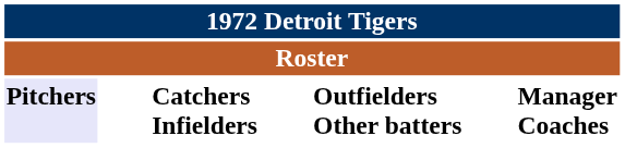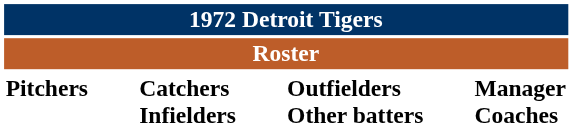 <table class="toccolours" style="font-size: 95%;">
 <tr>
 <th colspan="10" style="background-color: #003366; color: white; text-align: center;">1972 Detroit Tigers</th>
 </tr>
 <tr>
 <td colspan="10" style="background-color: #bd5d29; color: white; text-align: center;"><strong>Roster</strong></td>
 </tr>
 <tr>
-<td valign="top" style="background: lavender;"><strong>Pitchers</strong><br>                  </td>
+<td valign="top"><strong>Pitchers</strong><br>                  </td>
 <td width="25px"></td>
 <td valign="top"><strong>Catchers</strong><br>    <strong>Infielders</strong>          </td>
 <td width="25px"></td>
 <td valign="top"><strong>Outfielders</strong><br>         <strong>Other batters</strong> </td>
 <td width="25px"></td>
 <td valign="top"><strong>Manager</strong><br> <strong>Coaches</strong>    </td>
 </tr>
 <tr>
 </tr>
 </table>
